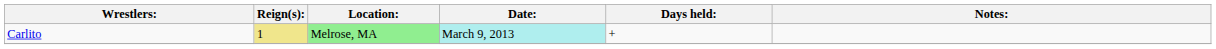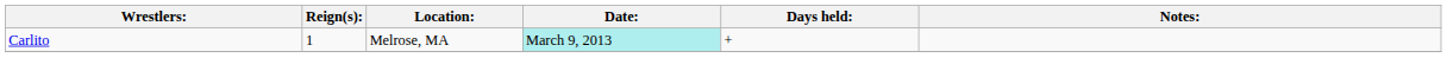 <table class="wikitable">
 <tr>
 <th width=21%><strong>Wrestlers:</strong></th>
 <th width=3%><strong>Reign(s):</strong></th>
 <th width=11%><strong>Location:</strong></th>
 <th width=14%><strong>Date:</strong></th>
 <th width=14%><strong>Days held:</strong></th>
 <th width=40%><strong>Notes:</strong></th>
 </tr>
 <tr>
 <td><a href='#'>Carlito</a></td>
-<td style="background: khaki;">1</td>
-<td style="background: lightgreen;">Melrose, MA</td>
+<td>1</td>
+<td>Melrose, MA</td>
 <td style="background: paleturquoise;">March 9, 2013</td>
 <td>+</td>
 <td></td>
 </tr>
 <tr>
 </tr>
 </table>
